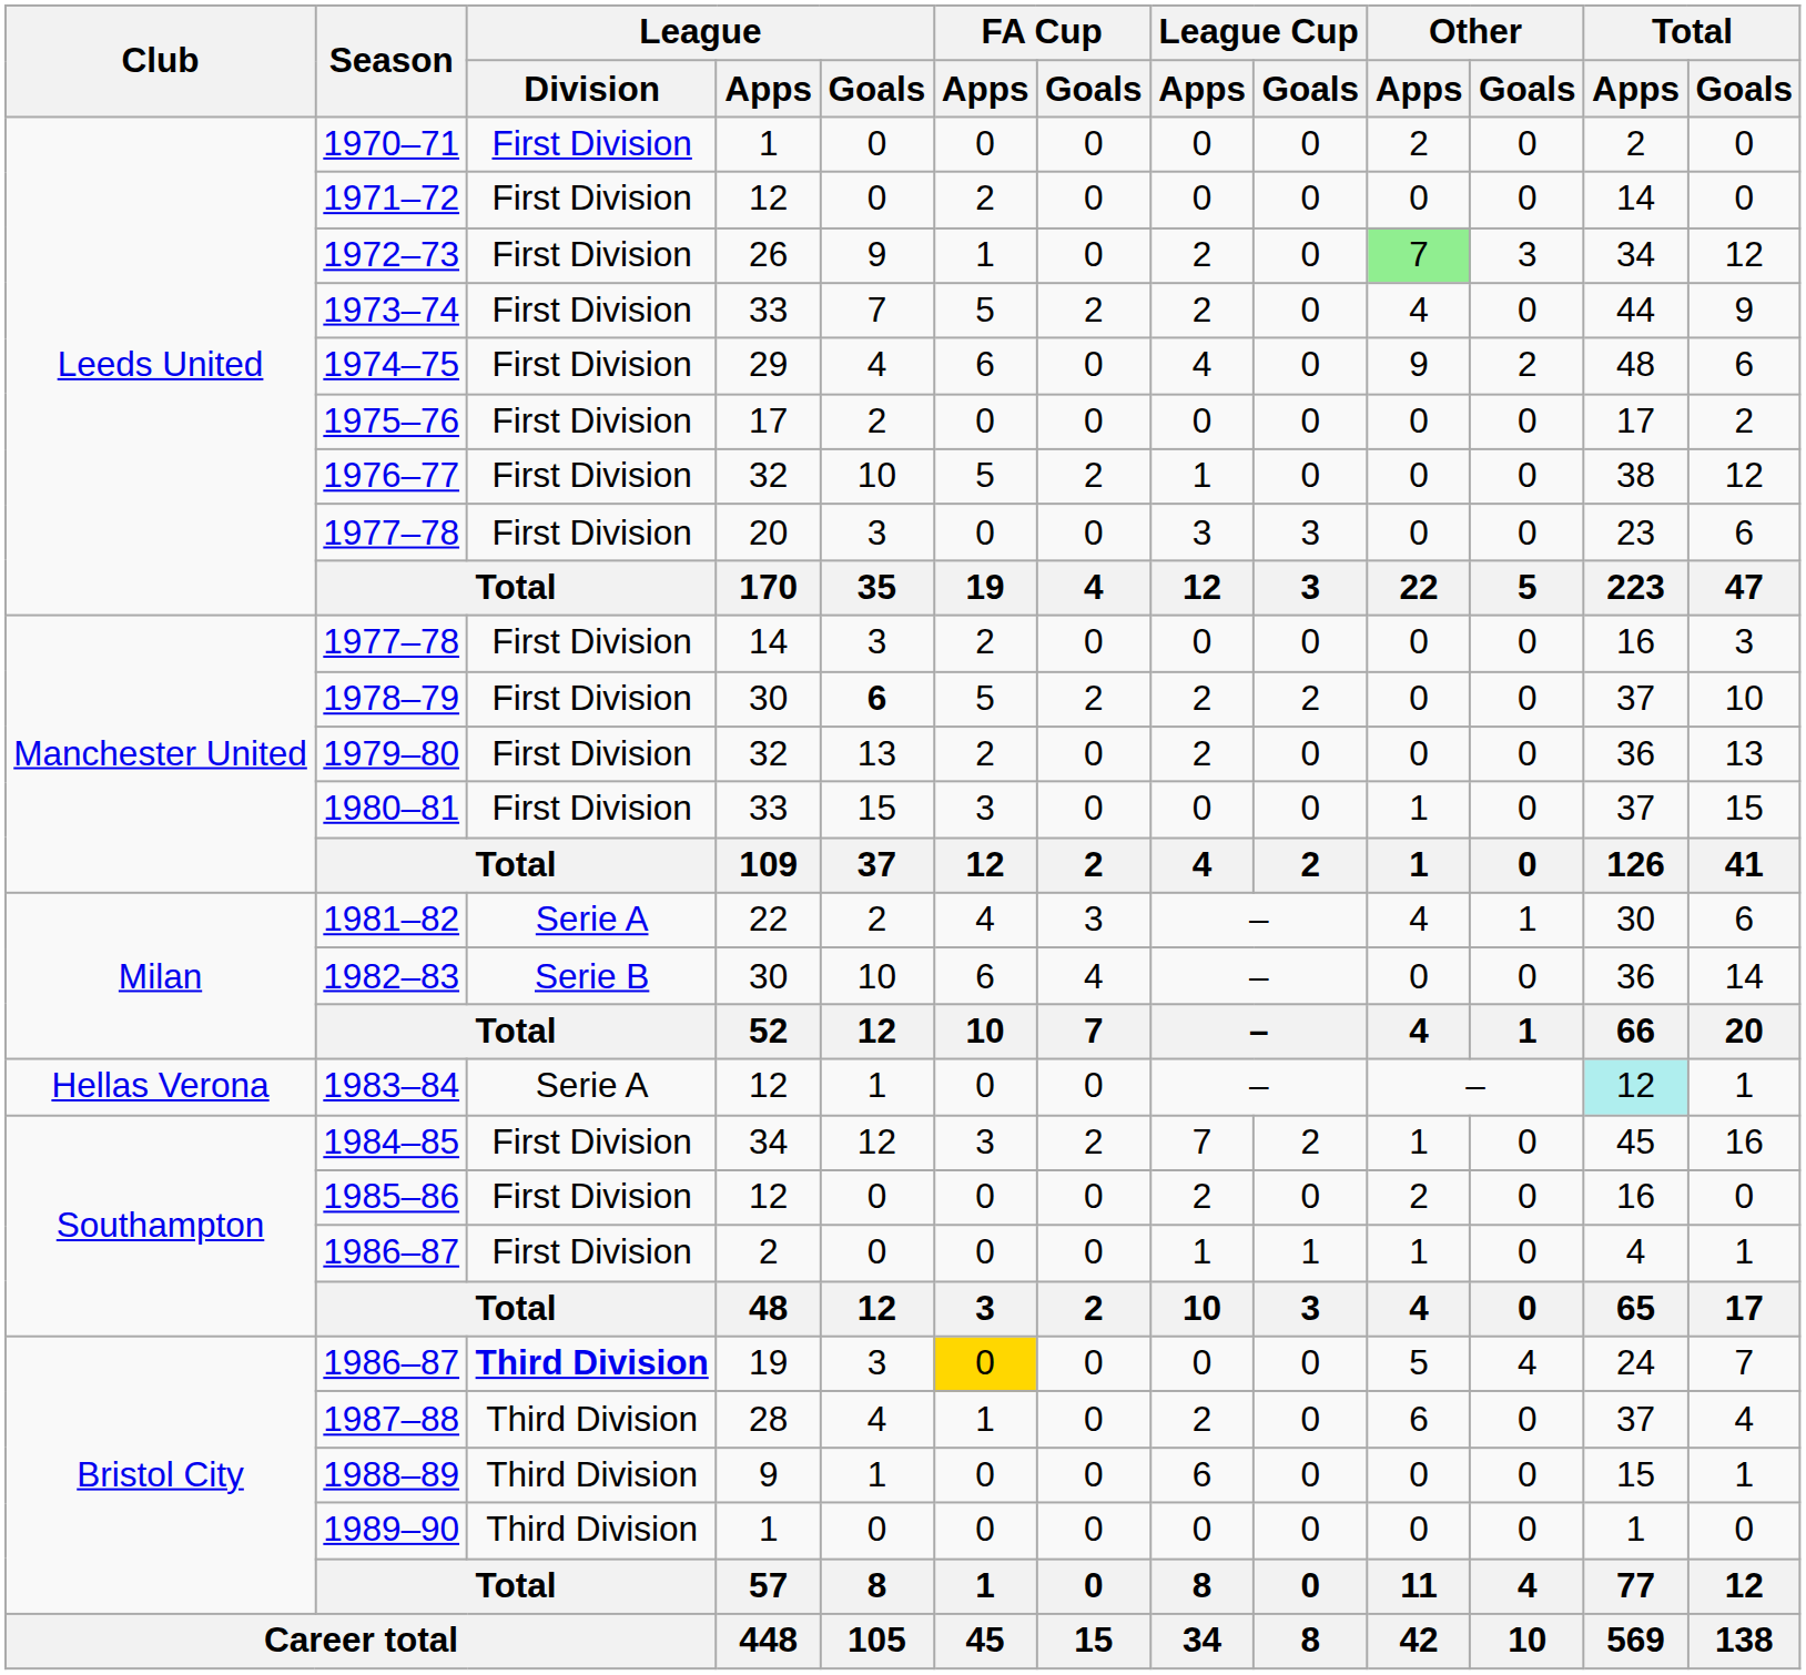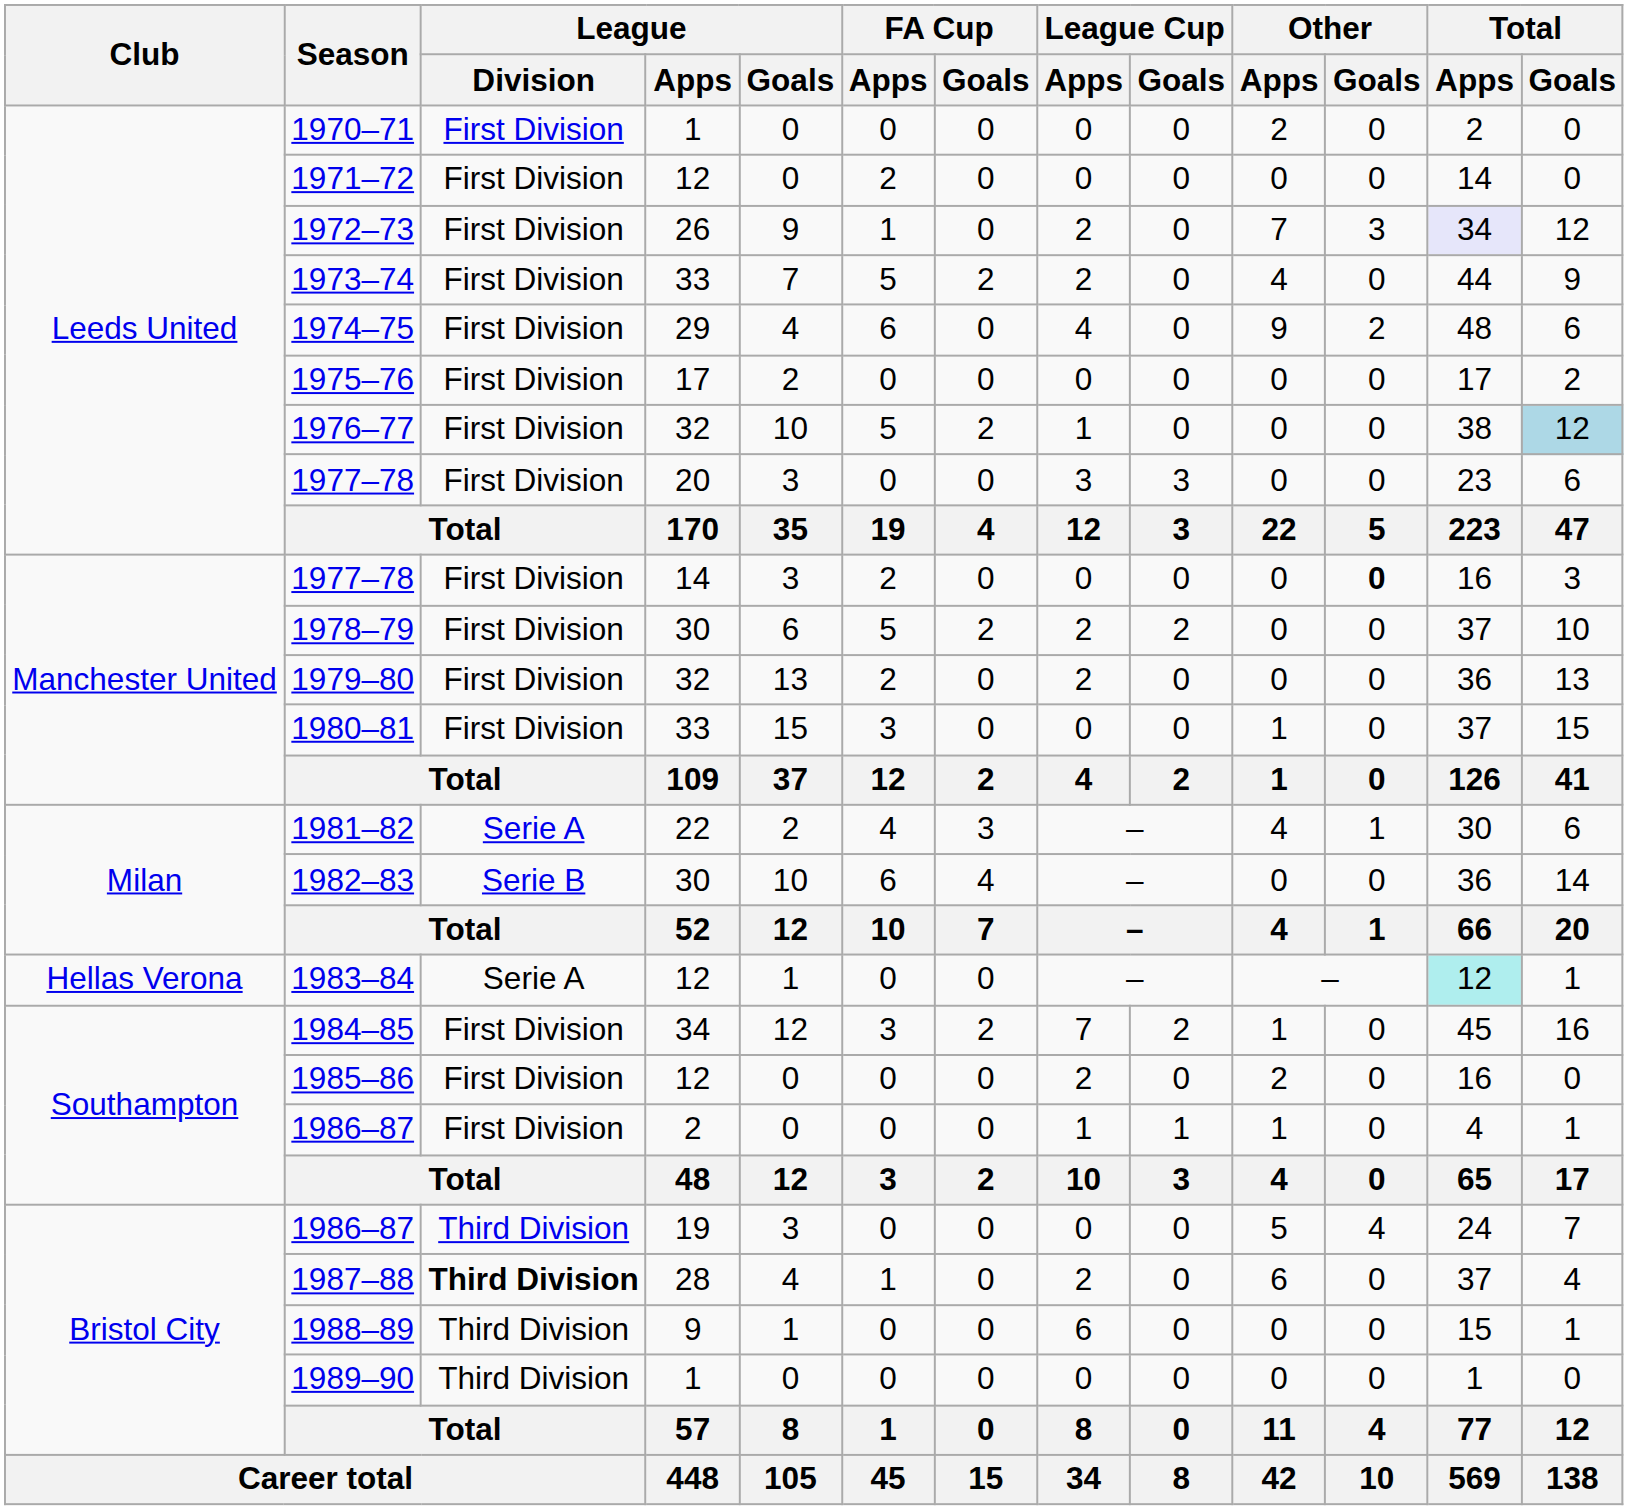 <table class="wikitable" style="text-align: center;">
 <tr>
 <th rowspan="2">Club</th>
 <th rowspan="2">Season</th>
 <th colspan="3">League</th>
 <th colspan="2">FA Cup</th>
 <th colspan="2">League Cup</th>
 <th colspan="2">Other</th>
 <th colspan="2">Total</th>
 </tr>
 <tr>
 <th>Division</th>
 <th>Apps</th>
 <th>Goals</th>
 <th>Apps</th>
 <th>Goals</th>
 <th>Apps</th>
 <th>Goals</th>
 <th>Apps</th>
 <th>Goals</th>
 <th>Apps</th>
 <th>Goals</th>
 </tr>
 <tr>
 <td rowspan="9"><a href='#'>Leeds United</a></td>
 <td><a href='#'>1970–71</a></td>
 <td><a href='#'>First Division</a></td>
 <td>1</td>
 <td>0</td>
 <td>0</td>
 <td>0</td>
 <td>0</td>
 <td>0</td>
 <td>2</td>
 <td>0</td>
 <td>2</td>
 <td>0</td>
 </tr>
 <tr>
 <td><a href='#'>1971–72</a></td>
 <td>First Division</td>
 <td>12</td>
 <td>0</td>
 <td>2</td>
 <td>0</td>
 <td>0</td>
 <td>0</td>
 <td>0</td>
 <td>0</td>
 <td>14</td>
 <td>0</td>
 </tr>
 <tr>
 <td><a href='#'>1972–73</a></td>
 <td>First Division</td>
 <td>26</td>
 <td>9</td>
 <td>1</td>
 <td>0</td>
 <td>2</td>
 <td>0</td>
-<td style="background: lightgreen;">7</td>
+<td>7</td>
 <td>3</td>
-<td>34</td>
+<td style="background: lavender;">34</td>
 <td>12</td>
 </tr>
 <tr>
 <td><a href='#'>1973–74</a></td>
 <td>First Division</td>
 <td>33</td>
 <td>7</td>
 <td>5</td>
 <td>2</td>
 <td>2</td>
 <td>0</td>
 <td>4</td>
 <td>0</td>
 <td>44</td>
 <td>9</td>
 </tr>
 <tr>
 <td><a href='#'>1974–75</a></td>
 <td>First Division</td>
 <td>29</td>
 <td>4</td>
 <td>6</td>
 <td>0</td>
 <td>4</td>
 <td>0</td>
 <td>9</td>
 <td>2</td>
 <td>48</td>
 <td>6</td>
 </tr>
 <tr>
 <td><a href='#'>1975–76</a></td>
 <td>First Division</td>
 <td>17</td>
 <td>2</td>
 <td>0</td>
 <td>0</td>
 <td>0</td>
 <td>0</td>
 <td>0</td>
 <td>0</td>
 <td>17</td>
 <td>2</td>
 </tr>
 <tr>
 <td><a href='#'>1976–77</a></td>
 <td>First Division</td>
 <td>32</td>
 <td>10</td>
 <td>5</td>
 <td>2</td>
 <td>1</td>
 <td>0</td>
 <td>0</td>
 <td>0</td>
 <td>38</td>
-<td>12</td>
+<td style="background: lightblue;">12</td>
 </tr>
 <tr>
 <td><a href='#'>1977–78</a></td>
 <td>First Division</td>
 <td>20</td>
 <td>3</td>
 <td>0</td>
 <td>0</td>
 <td>3</td>
 <td>3</td>
 <td>0</td>
 <td>0</td>
 <td>23</td>
 <td>6</td>
 </tr>
 <tr>
 <th colspan="2">Total</th>
 <th>170</th>
 <th>35</th>
 <th>19</th>
 <th>4</th>
 <th>12</th>
 <th>3</th>
 <th>22</th>
 <th>5</th>
 <th>223</th>
 <th>47</th>
 </tr>
 <tr>
 <td rowspan="5"><a href='#'>Manchester United</a></td>
 <td><a href='#'>1977–78</a></td>
 <td>First Division</td>
 <td>14</td>
 <td>3</td>
 <td>2</td>
 <td>0</td>
 <td>0</td>
 <td>0</td>
 <td>0</td>
-<td>0</td>
+<td><strong>0</strong></td>
 <td>16</td>
 <td>3</td>
 </tr>
 <tr>
 <td><a href='#'>1978–79</a></td>
 <td>First Division</td>
 <td>30</td>
-<td><strong>6</strong></td>
+<td>6</td>
 <td>5</td>
 <td>2</td>
 <td>2</td>
 <td>2</td>
 <td>0</td>
 <td>0</td>
 <td>37</td>
 <td>10</td>
 </tr>
 <tr>
 <td><a href='#'>1979–80</a></td>
 <td>First Division</td>
 <td>32</td>
 <td>13</td>
 <td>2</td>
 <td>0</td>
 <td>2</td>
 <td>0</td>
 <td>0</td>
 <td>0</td>
 <td>36</td>
 <td>13</td>
 </tr>
 <tr>
 <td><a href='#'>1980–81</a></td>
 <td>First Division</td>
 <td>33</td>
 <td>15</td>
 <td>3</td>
 <td>0</td>
 <td>0</td>
 <td>0</td>
 <td>1</td>
 <td>0</td>
 <td>37</td>
 <td>15</td>
 </tr>
 <tr>
 <th colspan="2">Total</th>
 <th>109</th>
 <th>37</th>
 <th>12</th>
 <th>2</th>
 <th>4</th>
 <th>2</th>
 <th>1</th>
 <th>0</th>
 <th>126</th>
 <th>41</th>
 </tr>
 <tr>
 <td rowspan="3"><a href='#'>Milan</a></td>
 <td><a href='#'>1981–82</a></td>
 <td><a href='#'>Serie A</a></td>
 <td>22</td>
 <td>2</td>
 <td>4</td>
 <td>3</td>
 <td colspan="2">–</td>
 <td>4</td>
 <td>1</td>
 <td>30</td>
 <td>6</td>
 </tr>
 <tr>
 <td><a href='#'>1982–83</a></td>
 <td><a href='#'>Serie B</a></td>
 <td>30</td>
 <td>10</td>
 <td>6</td>
 <td>4</td>
 <td colspan="2">–</td>
 <td>0</td>
 <td>0</td>
 <td>36</td>
 <td>14</td>
 </tr>
 <tr>
 <th colspan="2">Total</th>
 <th>52</th>
 <th>12</th>
 <th>10</th>
 <th>7</th>
 <th colspan="2">–</th>
 <th>4</th>
 <th>1</th>
 <th>66</th>
 <th>20</th>
 </tr>
 <tr>
 <td><a href='#'>Hellas Verona</a></td>
 <td><a href='#'>1983–84</a></td>
 <td>Serie A</td>
 <td>12</td>
 <td>1</td>
 <td>0</td>
 <td>0</td>
 <td colspan="2">–</td>
 <td colspan="2">–</td>
 <td style="background: paleturquoise;">12</td>
 <td>1</td>
 </tr>
 <tr>
 <td rowspan="4"><a href='#'>Southampton</a></td>
 <td><a href='#'>1984–85</a></td>
 <td>First Division</td>
 <td>34</td>
 <td>12</td>
 <td>3</td>
 <td>2</td>
 <td>7</td>
 <td>2</td>
 <td>1</td>
 <td>0</td>
 <td>45</td>
 <td>16</td>
 </tr>
 <tr>
 <td><a href='#'>1985–86</a></td>
 <td>First Division</td>
 <td>12</td>
 <td>0</td>
 <td>0</td>
 <td>0</td>
 <td>2</td>
 <td>0</td>
 <td>2</td>
 <td>0</td>
 <td>16</td>
 <td>0</td>
 </tr>
 <tr>
 <td><a href='#'>1986–87</a></td>
 <td>First Division</td>
 <td>2</td>
 <td>0</td>
 <td>0</td>
 <td>0</td>
 <td>1</td>
 <td>1</td>
 <td>1</td>
 <td>0</td>
 <td>4</td>
 <td>1</td>
 </tr>
 <tr>
 <th colspan="2">Total</th>
 <th>48</th>
 <th>12</th>
 <th>3</th>
 <th>2</th>
 <th>10</th>
 <th>3</th>
 <th>4</th>
 <th>0</th>
 <th>65</th>
 <th>17</th>
 </tr>
 <tr>
 <td rowspan="5"><a href='#'>Bristol City</a></td>
 <td><a href='#'>1986–87</a></td>
-<td><strong><a href='#'>Third Division</a></strong></td>
+<td><a href='#'>Third Division</a></td>
 <td>19</td>
 <td>3</td>
-<td style="background: gold;">0</td>
+<td>0</td>
 <td>0</td>
 <td>0</td>
 <td>0</td>
 <td>5</td>
 <td>4</td>
 <td>24</td>
 <td>7</td>
 </tr>
 <tr>
 <td><a href='#'>1987–88</a></td>
-<td>Third Division</td>
+<td><strong>Third Division</strong></td>
 <td>28</td>
 <td>4</td>
 <td>1</td>
 <td>0</td>
 <td>2</td>
 <td>0</td>
 <td>6</td>
 <td>0</td>
 <td>37</td>
 <td>4</td>
 </tr>
 <tr>
 <td><a href='#'>1988–89</a></td>
 <td>Third Division</td>
 <td>9</td>
 <td>1</td>
 <td>0</td>
 <td>0</td>
 <td>6</td>
 <td>0</td>
 <td>0</td>
 <td>0</td>
 <td>15</td>
 <td>1</td>
 </tr>
 <tr>
 <td><a href='#'>1989–90</a></td>
 <td>Third Division</td>
 <td>1</td>
 <td>0</td>
 <td>0</td>
 <td>0</td>
 <td>0</td>
 <td>0</td>
 <td>0</td>
 <td>0</td>
 <td>1</td>
 <td>0</td>
 </tr>
 <tr>
 <th colspan="2">Total</th>
 <th>57</th>
 <th>8</th>
 <th>1</th>
 <th>0</th>
 <th>8</th>
 <th>0</th>
 <th>11</th>
 <th>4</th>
 <th>77</th>
 <th>12</th>
 </tr>
 <tr>
 <th colspan="3">Career total</th>
 <th>448</th>
 <th>105</th>
 <th>45</th>
 <th>15</th>
 <th>34</th>
 <th>8</th>
 <th>42</th>
 <th>10</th>
 <th>569</th>
 <th>138</th>
 </tr>
 </table>
